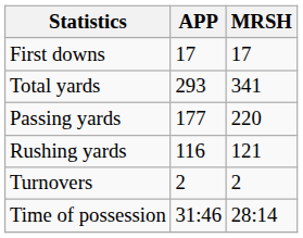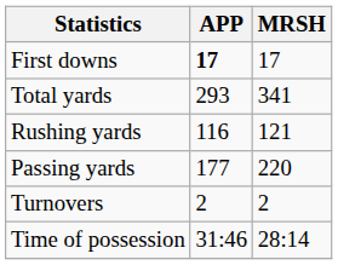 <table class="wikitable" style="float: left;">
 <tr>
 <th>Statistics</th>
 <th>APP</th>
 <th>MRSH</th>
 </tr>
 <tr>
 <td>First downs</td>
-<td>17</td>
+<td><strong>17</strong></td>
 <td>17</td>
 </tr>
 <tr>
 <td>Total yards</td>
 <td>293</td>
 <td>341</td>
 </tr>
 <tr>
+<td>Rushing yards</td>
+<td>116</td>
+<td>121</td>
+</tr>
+<tr>
 <td>Passing yards</td>
 <td>177</td>
 <td>220</td>
-</tr>
-<tr>
-<td>Rushing yards</td>
-<td>116</td>
-<td>121</td>
 </tr>
 <tr>
 <td>Turnovers</td>
 <td>2</td>
 <td>2</td>
 </tr>
 <tr>
 <td>Time of possession</td>
 <td>31:46</td>
 <td>28:14</td>
 </tr>
 <tr>
 </tr>
 </table>
